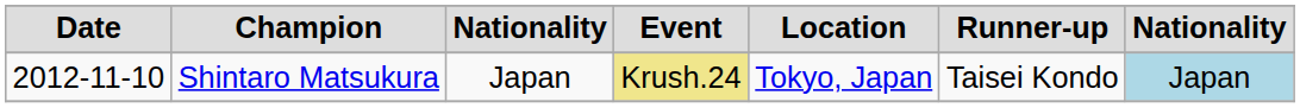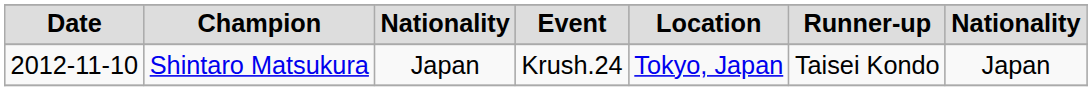 <table class="wikitable" style="text-align:center">
 <tr>
 </tr>
 <tr bgcolor="#dddddd">
 <td><strong>Date</strong></td>
 <td><strong>Champion</strong></td>
 <td><strong>Nationality</strong></td>
 <td><strong>Event</strong></td>
 <td><strong>Location</strong></td>
 <td><strong>Runner-up</strong></td>
 <td><strong>Nationality</strong></td>
 </tr>
 <tr>
 </tr>
 <tr>
 <td>2012-11-10</td>
 <td><a href='#'>Shintaro Matsukura</a></td>
 <td> Japan</td>
-<td style="background: khaki;">Krush.24</td>
+<td>Krush.24</td>
 <td><a href='#'>Tokyo, Japan</a></td>
 <td>Taisei Kondo</td>
-<td style="background: lightblue;"> Japan</td>
+<td> Japan</td>
 </tr>
 <tr>
 </tr>
 </table>
